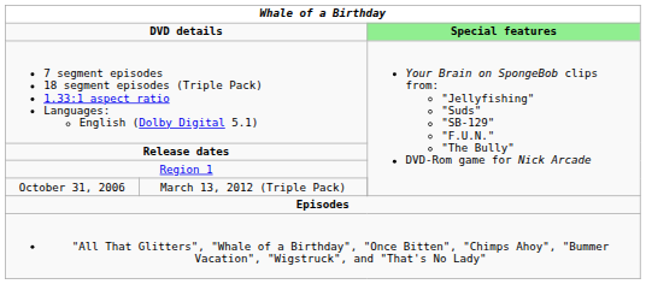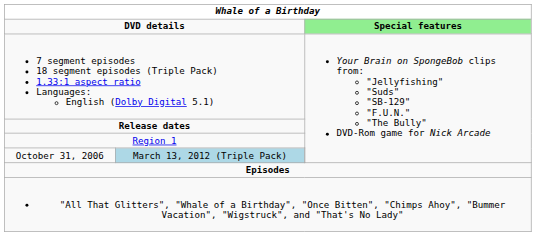 <table class="wikitable" style="font-size: 95%;">
 <tr style="background:#FFF; color:#000;">
 <td colspan="4" align="center"><strong><em>Whale of a Birthday</em></strong></td>
 </tr>
 <tr valign="top">
 <td style="text-align:center; width:400px;" colspan="3"><strong>DVD details</strong></td>
 <td style="background: lightgreen; width:300px; text-align:center;"><strong>Special features</strong></td>
 </tr>
 <tr valign="top">
 <td colspan="3" style="text-align:left; width:400px;"><br><ul><li>7 segment episodes</li><li>18 segment episodes (Triple Pack)</li><li><a href='#'>1.33:1 aspect ratio</a></li><li>Languages:<ul><li>English (<a href='#'>Dolby Digital</a> 5.1)</li></ul></li></ul></td>
 <td rowspan="4" style="text-align:left; width:300px;"><br><ul><li><em>Your Brain on SpongeBob</em> clips from:<ul><li>"Jellyfishing"</li><li>"Suds"</li><li>"SB-129"</li><li>"F.U.N."</li><li>"The Bully"</li></ul></li><li>DVD-Rom game for <em>Nick Arcade</em></li></ul></td>
 </tr>
 <tr>
 <td colspan="3" style="text-align:center;"><strong>Release dates</strong></td>
 </tr>
 <tr>
 <td colspan="3" style="text-align:center;"><a href='#'>Region 1</a></td>
 </tr>
 <tr style="text-align:center;">
 <td>October 31, 2006</td>
-<td>March 13, 2012 (Triple Pack)</td>
+<td style="background: lightblue;">March 13, 2012 (Triple Pack)</td>
 </tr>
 <tr>
 <td style="text-align:center; width:400px;" colspan="4"><strong>Episodes</strong></td>
 </tr>
 <tr>
 <td style="text-align:center; width:400px;" colspan="4"><br><ul><li>"All That Glitters", "Whale of a Birthday", "Once Bitten", "Chimps Ahoy", "Bummer Vacation", "Wigstruck", and "That's No Lady"</li></ul></td>
 </tr>
 </table>
